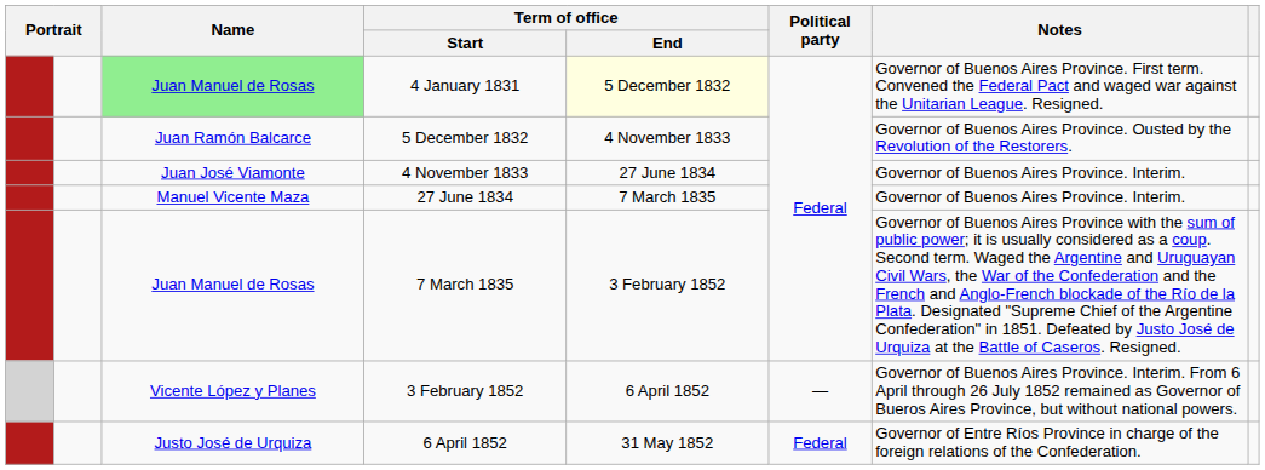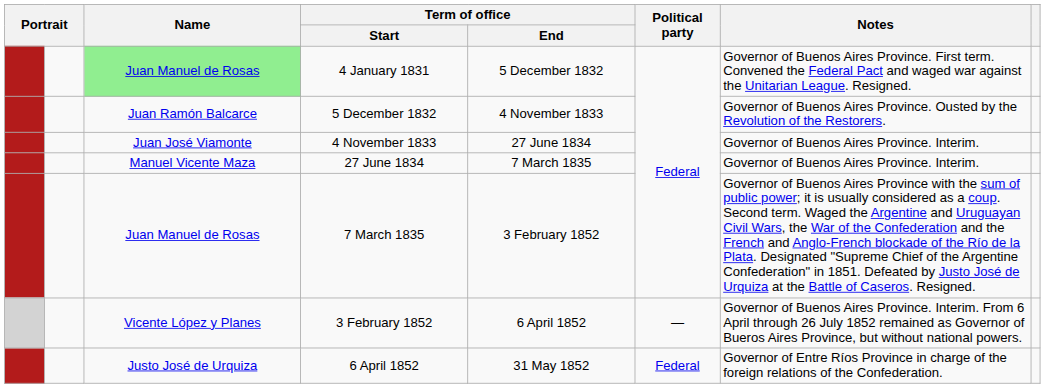 <table class="wikitable" width="100%" style="text-align: center;">
 <tr>
 <th rowspan=2 colspan=2>Portrait</th>
 <th rowspan=2>Name<br></th>
 <th colspan=2>Term of office</th>
 <th rowspan=2>Political<br>party</th>
 <th rowspan=2 width=30%>Notes</th>
 <th rowspan=2></th>
 </tr>
 <tr>
 <th>Start</th>
 <th>End</th>
 </tr>
 <tr>
 <td bgcolor=#B31B1B></td>
 <td></td>
 <td style="background: lightgreen;"><a href='#'>Juan Manuel de Rosas</a><br></td>
 <td>4 January 1831</td>
-<td style="background: lightyellow;">5 December 1832</td>
+<td>5 December 1832</td>
 <td rowspan="5"><a href='#'>Federal</a></td>
 <td align=left>Governor of Buenos Aires Province. First term. Convened the <a href='#'>Federal Pact</a> and waged war against the <a href='#'>Unitarian League</a>. Resigned.</td>
 <td></td>
 </tr>
 <tr>
 <td bgcolor=#B31B1B></td>
 <td></td>
 <td><a href='#'>Juan Ramón Balcarce</a><br></td>
 <td>5 December 1832</td>
 <td>4 November 1833</td>
 <td align=left>Governor of Buenos Aires Province. Ousted by the <a href='#'>Revolution of the Restorers</a>.</td>
 <td></td>
 </tr>
 <tr>
 <td bgcolor=#B31B1B></td>
 <td></td>
 <td><a href='#'>Juan José Viamonte</a><br></td>
 <td>4 November 1833</td>
 <td>27 June 1834</td>
 <td align=left>Governor of Buenos Aires Province. Interim.</td>
 <td></td>
 </tr>
 <tr>
 <td bgcolor=#B31B1B></td>
 <td></td>
 <td><a href='#'>Manuel Vicente Maza</a><br></td>
 <td>27 June 1834</td>
 <td>7 March 1835</td>
 <td align=left>Governor of Buenos Aires Province. Interim.</td>
 <td></td>
 </tr>
 <tr>
 <td bgcolor=#B31B1B></td>
 <td></td>
 <td><a href='#'>Juan Manuel de Rosas</a><br></td>
 <td>7 March 1835</td>
 <td>3 February 1852</td>
 <td align=left>Governor of Buenos Aires Province with the <a href='#'>sum of public power</a>; it is usually considered as a <a href='#'>coup</a>. Second term. Waged the <a href='#'>Argentine</a> and <a href='#'>Uruguayan Civil Wars</a>, the <a href='#'>War of the Confederation</a> and the <a href='#'>French</a> and <a href='#'>Anglo-French blockade of the Río de la Plata</a>. Designated "Supreme Chief of the Argentine Confederation" in 1851. Defeated by <a href='#'>Justo José de Urquiza</a> at the <a href='#'>Battle of Caseros</a>. Resigned.</td>
 <td></td>
 </tr>
 <tr>
 <td bgcolor=Lightgrey></td>
 <td></td>
 <td><a href='#'>Vicente López y Planes</a><br></td>
 <td>3 February 1852</td>
 <td>6 April 1852</td>
 <td>—</td>
 <td align=left>Governor of Buenos Aires Province. Interim. From 6 April through 26 July 1852 remained as Governor of Bueros Aires Province, but without national powers.</td>
 <td></td>
 </tr>
 <tr>
 <td bgcolor=#B31B1B></td>
 <td></td>
 <td><a href='#'>Justo José de Urquiza</a><br></td>
 <td>6 April 1852</td>
 <td>31 May 1852</td>
 <td><a href='#'>Federal</a></td>
 <td align=left>Governor of Entre Ríos Province in charge of the foreign relations of the Confederation.</td>
 <td></td>
 </tr>
 </table>
